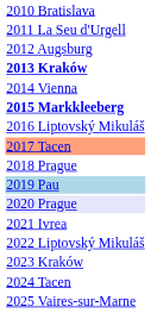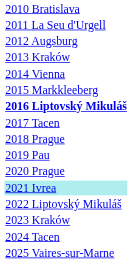 <table>
 <tr>
 <td><a href='#'>2010 Bratislava</a></td>
 <td></td>
 <td></td>
 <td></td>
 </tr>
 <tr>
 <td><a href='#'>2011 La Seu d'Urgell</a></td>
 <td></td>
 <td></td>
 <td></td>
 </tr>
 <tr>
 <td><a href='#'>2012 Augsburg</a></td>
 <td></td>
 <td></td>
 <td></td>
 </tr>
 <tr>
-<td><strong><a href='#'>2013 Kraków</a></strong></td>
+<td><a href='#'>2013 Kraków</a></td>
 <td></td>
 <td></td>
 <td></td>
 </tr>
 <tr>
 <td><a href='#'>2014 Vienna</a></td>
 <td></td>
 <td></td>
 <td></td>
 </tr>
 <tr>
-<td><strong><a href='#'>2015 Markkleeberg</a></strong></td>
+<td><a href='#'>2015 Markkleeberg</a></td>
 <td></td>
 <td></td>
 <td></td>
 </tr>
 <tr>
-<td><a href='#'>2016 Liptovský Mikuláš</a></td>
+<td><strong><a href='#'>2016 Liptovský Mikuláš</a></strong></td>
 <td></td>
 <td></td>
 <td></td>
 </tr>
 <tr>
-<td style="background: lightsalmon;"><a href='#'>2017 Tacen</a></td>
+<td><a href='#'>2017 Tacen</a></td>
 <td></td>
 <td></td>
 <td></td>
 </tr>
 <tr>
 <td><a href='#'>2018 Prague</a></td>
 <td></td>
 <td></td>
 <td></td>
 </tr>
 <tr>
-<td style="background: lightblue;"><a href='#'>2019 Pau</a></td>
+<td><a href='#'>2019 Pau</a></td>
 <td></td>
 <td></td>
 <td></td>
 </tr>
 <tr>
-<td style="background: lavender;"><a href='#'>2020 Prague</a></td>
+<td><a href='#'>2020 Prague</a></td>
 <td></td>
 <td></td>
 <td></td>
 </tr>
 <tr>
-<td><a href='#'>2021 Ivrea</a></td>
+<td style="background: paleturquoise;"><a href='#'>2021 Ivrea</a></td>
 <td></td>
 <td></td>
 <td></td>
 </tr>
 <tr>
 <td><a href='#'>2022 Liptovský Mikuláš</a></td>
 <td></td>
 <td></td>
 <td></td>
 </tr>
 <tr>
 <td><a href='#'>2023 Kraków</a></td>
 <td></td>
 <td></td>
 <td></td>
 </tr>
 <tr>
 <td><a href='#'>2024 Tacen</a></td>
 <td></td>
 <td></td>
 <td></td>
 </tr>
 <tr>
 <td><a href='#'>2025 Vaires-sur-Marne</a></td>
 <td></td>
 <td></td>
 <td></td>
 </tr>
 </table>
